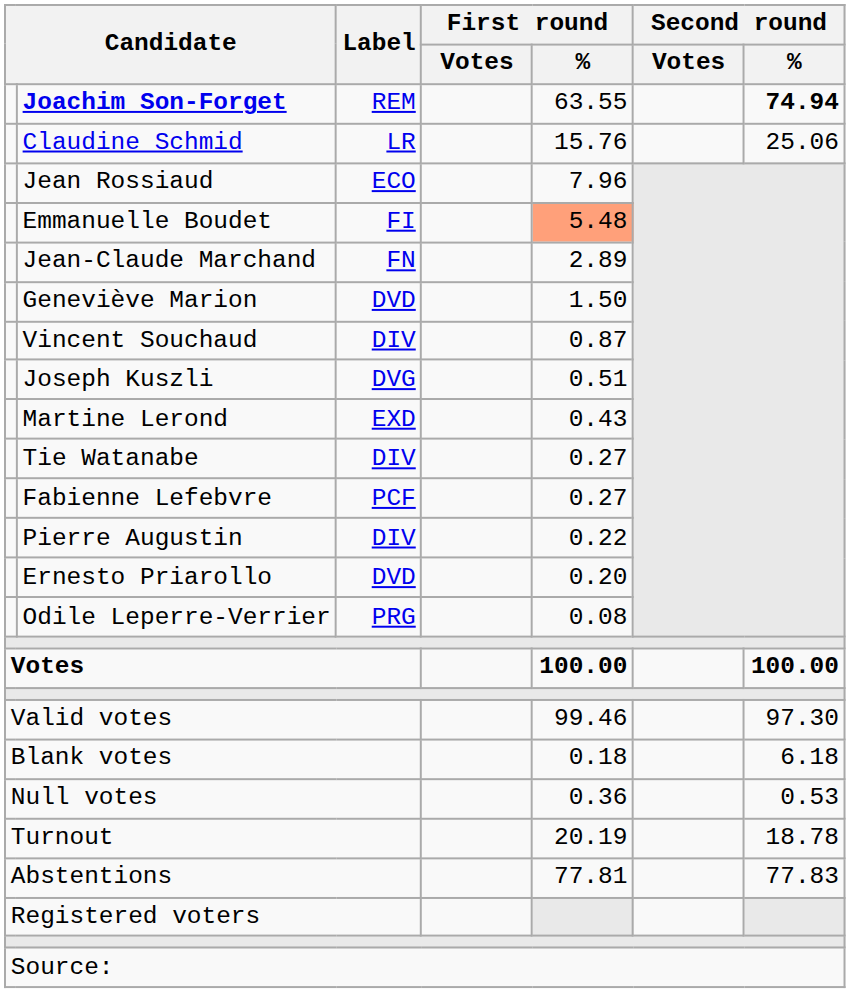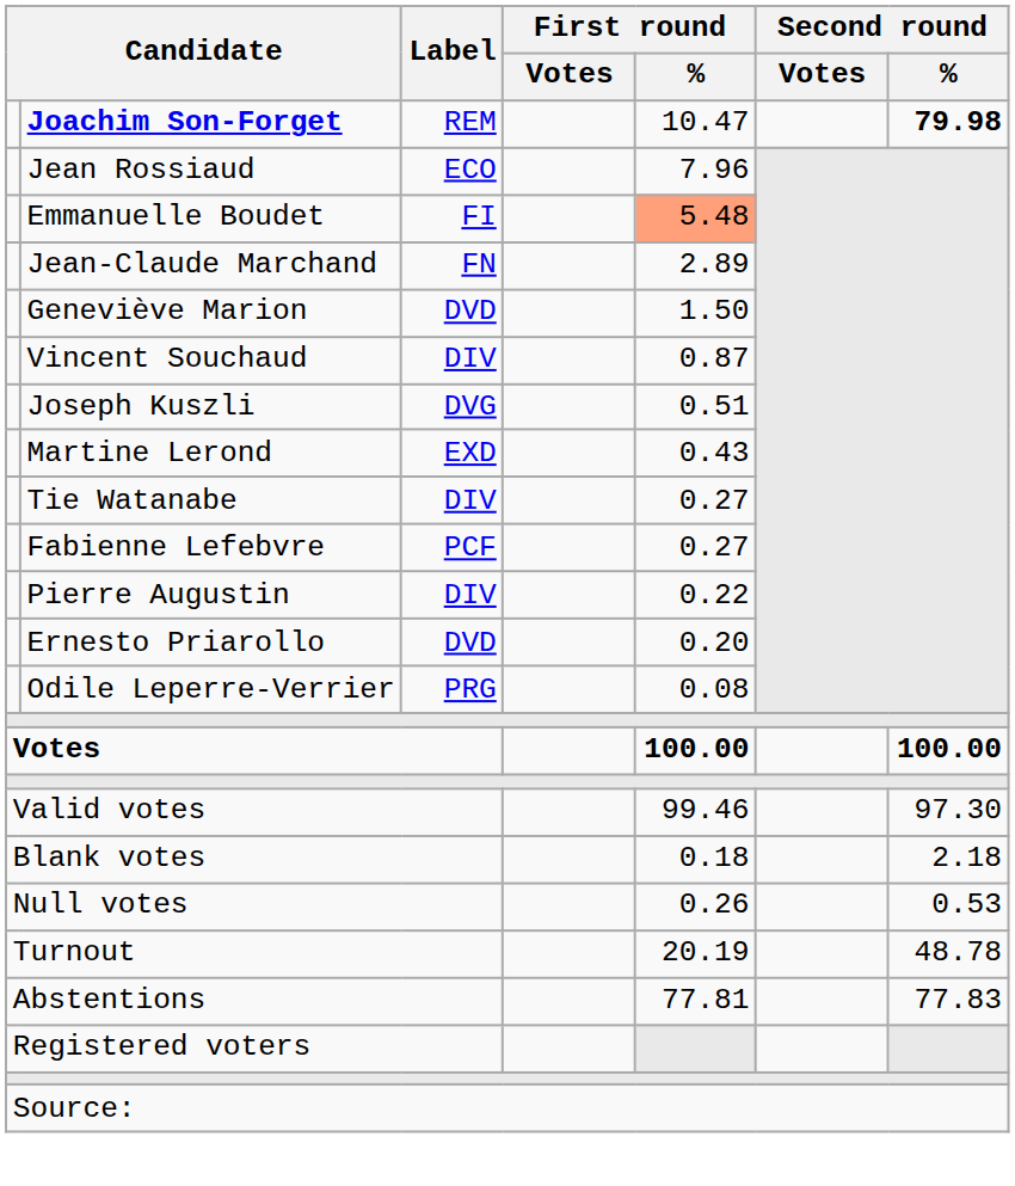 <table class="wikitable" style="text-align:right;font-size:95%;">
 <tr>
 <th colspan="2" rowspan="2">Candidate</th>
 <th rowspan="2">Label</th>
 <th colspan="2">First round</th>
 <th colspan="2">Second round</th>
 </tr>
 <tr>
 <th style="width:50px;">Votes</th>
 <th style="width:45px;">%</th>
 <th style="width:50px;">Votes</th>
 <th style="width:45px;">%</th>
 </tr>
 <tr>
 <td style="color:inherit;background:"></td>
 <td style="text-align:left;"><strong><a href='#'>Joachim Son-Forget</a></strong></td>
 <td><a href='#'>REM</a></td>
 <td></td>
-<td>63.55</td>
+<td>10.47</td>
 <td><strong></strong></td>
-<td><strong>74.94</strong></td>
-</tr>
-<tr>
-<td style="color:inherit;background:"></td>
-<td style="text-align:left;"><a href='#'>Claudine Schmid</a></td>
-<td><a href='#'>LR</a></td>
-<td></td>
-<td>15.76</td>
-<td></td>
-<td>25.06</td>
+<td><strong>79.98</strong></td>
 </tr>
 <tr>
 <td style="color:inherit;background:"></td>
 <td style="text-align:left;">Jean Rossiaud</td>
 <td><a href='#'>ECO</a></td>
 <td></td>
 <td>7.96</td>
 <td colspan="2" rowspan="12" style="background:#E9E9E9;"></td>
 </tr>
 <tr>
 <td style="color:inherit;background:"></td>
 <td style="text-align:left;">Emmanuelle Boudet</td>
 <td><a href='#'>FI</a></td>
 <td></td>
 <td style="background: lightsalmon;">5.48</td>
 </tr>
 <tr>
 <td style="color:inherit;background:"></td>
 <td style="text-align:left;">Jean-Claude Marchand</td>
 <td><a href='#'>FN</a></td>
 <td></td>
 <td>2.89</td>
 </tr>
 <tr>
 <td style="color:inherit;background:"></td>
 <td style="text-align:left;">Geneviève Marion</td>
 <td><a href='#'>DVD</a></td>
 <td></td>
 <td>1.50</td>
 </tr>
 <tr>
 <td style="color:inherit;background:"></td>
 <td style="text-align:left;">Vincent Souchaud</td>
 <td><a href='#'>DIV</a></td>
 <td></td>
 <td>0.87</td>
 </tr>
 <tr>
 <td style="color:inherit;background:"></td>
 <td style="text-align:left;">Joseph Kuszli</td>
 <td><a href='#'>DVG</a></td>
 <td></td>
 <td>0.51</td>
 </tr>
 <tr>
 <td style="color:inherit;background:"></td>
 <td style="text-align:left;">Martine Lerond</td>
 <td><a href='#'>EXD</a></td>
 <td></td>
 <td>0.43</td>
 </tr>
 <tr>
 <td style="color:inherit;background:"></td>
 <td style="text-align:left;">Tie Watanabe</td>
 <td><a href='#'>DIV</a></td>
 <td></td>
 <td>0.27</td>
 </tr>
 <tr>
 <td style="color:inherit;background:"></td>
 <td style="text-align:left;">Fabienne Lefebvre</td>
 <td><a href='#'>PCF</a></td>
 <td></td>
 <td>0.27</td>
 </tr>
 <tr>
 <td style="color:inherit;background:"></td>
 <td style="text-align:left;">Pierre Augustin</td>
 <td><a href='#'>DIV</a></td>
 <td></td>
 <td>0.22</td>
 </tr>
 <tr>
 <td style="color:inherit;background:"></td>
 <td style="text-align:left;">Ernesto Priarollo</td>
 <td><a href='#'>DVD</a></td>
 <td></td>
 <td>0.20</td>
 </tr>
 <tr>
 <td style="color:inherit;background:"></td>
 <td style="text-align:left;">Odile Leperre-Verrier</td>
 <td><a href='#'>PRG</a></td>
 <td></td>
 <td>0.08</td>
 </tr>
 <tr>
 <td colspan="7" style="background:#E9E9E9;"></td>
 </tr>
 <tr style="font-weight:bold;">
 <td colspan="3" style="text-align:left;">Votes</td>
 <td></td>
 <td>100.00</td>
 <td></td>
 <td>100.00</td>
 </tr>
 <tr>
 <td colspan="7" style="background:#E9E9E9;"></td>
 </tr>
 <tr>
 <td colspan="3" style="text-align:left;">Valid votes</td>
 <td></td>
 <td>99.46</td>
 <td></td>
 <td>97.30</td>
 </tr>
 <tr>
 <td colspan="3" style="text-align:left;">Blank votes</td>
 <td></td>
 <td>0.18</td>
 <td></td>
-<td>6.18</td>
+<td>2.18</td>
 </tr>
 <tr>
 <td colspan="3" style="text-align:left;">Null votes</td>
 <td></td>
-<td>0.36</td>
+<td>0.26</td>
 <td></td>
 <td>0.53</td>
 </tr>
 <tr>
 <td colspan="3" style="text-align:left;">Turnout</td>
 <td></td>
 <td>20.19</td>
 <td></td>
-<td>18.78</td>
+<td>48.78</td>
 </tr>
 <tr>
 <td colspan="3" style="text-align:left;">Abstentions</td>
 <td></td>
 <td>77.81</td>
 <td></td>
 <td>77.83</td>
 </tr>
 <tr>
 <td colspan="3" style="text-align:left;">Registered voters</td>
 <td></td>
 <td style="background:#E9E9E9;"></td>
 <td></td>
 <td style="background:#E9E9E9;"></td>
 </tr>
 <tr>
 <td colspan="7" style="background:#E9E9E9;"></td>
 </tr>
 <tr>
 <td colspan="7" style="text-align:left;">Source: </td>
 </tr>
 </table>
